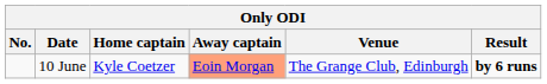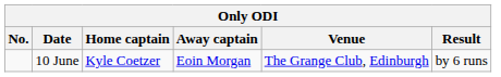 <table class="wikitable">
 <tr>
 <th colspan="9">Only ODI</th>
 </tr>
 <tr>
 <th>No.</th>
 <th>Date</th>
 <th>Home captain</th>
 <th>Away captain</th>
 <th>Venue</th>
 <th>Result</th>
 </tr>
 <tr>
 <td></td>
 <td>10 June</td>
 <td><a href='#'>Kyle Coetzer</a></td>
-<td style="background: lightsalmon;"><a href='#'>Eoin Morgan</a></td>
+<td><a href='#'>Eoin Morgan</a></td>
 <td><a href='#'>The Grange Club</a>, <a href='#'>Edinburgh</a></td>
-<td><strong> by 6 runs</strong></td>
+<td> by 6 runs</td>
 </tr>
 </table>
